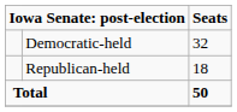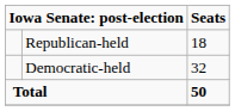 <table class="wikitable">
 <tr>
 <td colspan="2" rowspan="1" align="center" valign="top"><strong>Iowa Senate: post-election</strong></td>
 <td style="vertical-align:top;"><strong>Seats</strong><br></td>
 </tr>
 <tr>
 <td style="background-color:"> </td>
-<td>Democratic-held</td>
-<td>32</td>
+<td>Republican-held</td>
+<td>18</td>
 </tr>
 <tr>
 <td style="background-color:"> </td>
-<td>Republican-held</td>
-<td>18</td>
+<td>Democratic-held</td>
+<td>32</td>
 </tr>
 <tr>
 <td colspan="2" rowspan="1"> <strong>Total</strong><br></td>
 <td><strong>50</strong></td>
 </tr>
 <tr>
 </tr>
 </table>
